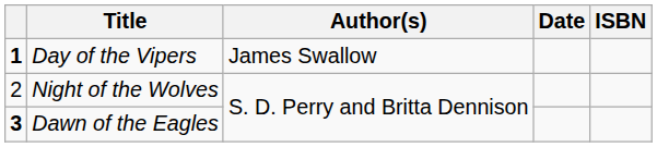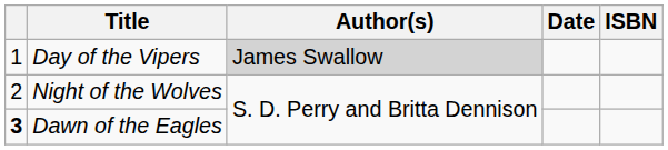 <table class="wikitable">
 <tr>
 <th></th>
 <th>Title</th>
 <th>Author(s)</th>
 <th>Date</th>
 <th>ISBN</th>
 </tr>
 <tr>
-<td><strong>1</strong></td>
+<td>1</td>
 <td><em>Day of the Vipers</em></td>
-<td>James Swallow</td>
+<td style="background: lightgrey;">James Swallow</td>
 <td></td>
 <td></td>
 </tr>
 <tr>
 <td>2</td>
 <td><em>Night of the Wolves</em></td>
 <td rowspan="2">S. D. Perry and Britta Dennison</td>
 <td></td>
 <td></td>
 </tr>
 <tr>
 <td><strong>3</strong></td>
 <td><em>Dawn of the Eagles</em></td>
 <td></td>
 <td></td>
 </tr>
 </table>
